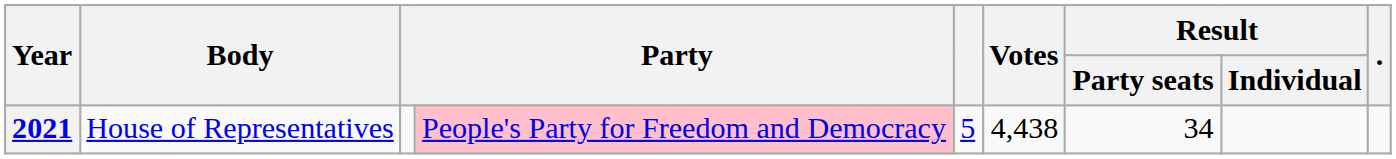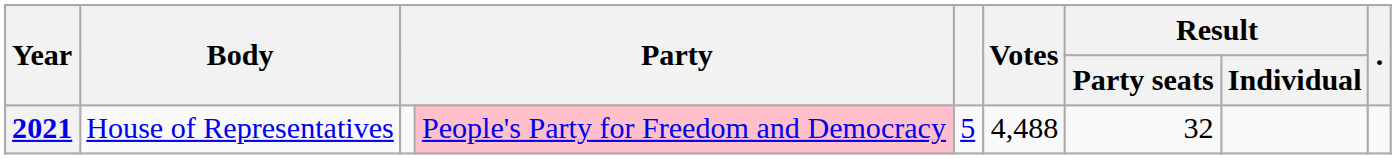 <table class="wikitable plainrowheaders sortable" border=2 cellpadding=4 cellspacing=0 style="border: 1px #aaa solid; font-size: 90%; text-align:center;">
 <tr>
 <th scope="col" rowspan=2>Year</th>
 <th scope="col" rowspan=2>Body</th>
 <th scope="col" colspan=2 rowspan=2>Party</th>
 <th scope="col" rowspan=2></th>
 <th scope="col" rowspan=2>Votes</th>
 <th scope="colgroup" colspan=2>Result</th>
 <th scope="col" rowspan=2 class="unsortable">.</th>
 </tr>
 <tr>
 <th scope="col">Party seats</th>
 <th scope="col">Individual</th>
 </tr>
 <tr>
 <th scope="row"><a href='#'>2021</a></th>
 <td><a href='#'>House of Representatives</a></td>
 <td style="background-color:"></td>
 <td style="background: pink;"><a href='#'>People's Party for Freedom and Democracy</a></td>
 <td style=text-align:right><a href='#'>5</a></td>
-<td style=text-align:right>4,438</td>
-<td style=text-align:right>34</td>
+<td style=text-align:right>4,488</td>
+<td style=text-align:right>32</td>
 <td></td>
 <td></td>
 </tr>
 </table>
